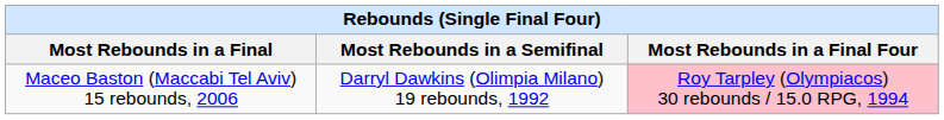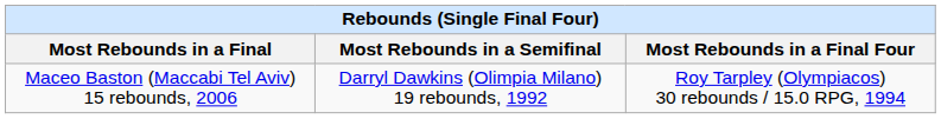 <table class="wikitable" style="text-align: center">
 <tr>
 <td colspan=3 bgcolor="#D0E7FF"><strong>Rebounds (Single Final Four)</strong></td>
 </tr>
 <tr>
 <th width=30%>Most Rebounds in a Final</th>
 <th width=30%>Most Rebounds in a Semifinal</th>
 <th width=30%>Most Rebounds in a Final Four</th>
 </tr>
 <tr>
 <td> <a href='#'>Maceo Baston</a> (<a href='#'>Maccabi Tel Aviv</a>)<br>15 rebounds, <a href='#'>2006</a></td>
 <td> <a href='#'>Darryl Dawkins</a> (<a href='#'>Olimpia Milano</a>)<br>19 rebounds, <a href='#'>1992</a></td>
-<td style="background: pink;"> <a href='#'>Roy Tarpley</a> (<a href='#'>Olympiacos</a>)<br>30 rebounds / 15.0 RPG, <a href='#'>1994</a></td>
+<td> <a href='#'>Roy Tarpley</a> (<a href='#'>Olympiacos</a>)<br>30 rebounds / 15.0 RPG, <a href='#'>1994</a></td>
 </tr>
 </table>
